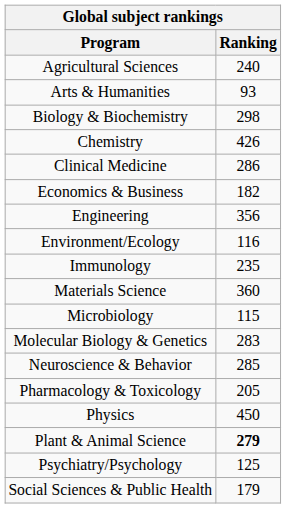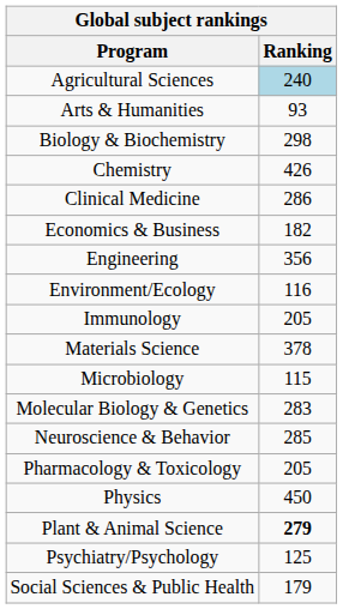 <table class="wikitable sortable collapsible collapsed" style="float:right; text-align:center">
 <tr>
 <th colspan=4>Global subject rankings</th>
 </tr>
 <tr>
 <th>Program</th>
 <th>Ranking</th>
 </tr>
 <tr>
 <td>Agricultural Sciences</td>
-<td>240</td>
+<td style="background: lightblue;">240</td>
 </tr>
 <tr>
 <td>Arts & Humanities</td>
 <td>93</td>
 </tr>
 <tr>
 <td>Biology & Biochemistry</td>
 <td>298</td>
 </tr>
 <tr>
 <td>Chemistry</td>
 <td>426</td>
 </tr>
 <tr>
 <td>Clinical Medicine</td>
 <td>286</td>
 </tr>
 <tr>
 <td>Economics & Business</td>
 <td>182</td>
 </tr>
 <tr>
 <td>Engineering</td>
 <td>356</td>
 </tr>
 <tr>
 <td>Environment/Ecology</td>
 <td>116</td>
 </tr>
 <tr>
 <td>Immunology</td>
-<td>235</td>
+<td>205</td>
 </tr>
 <tr>
 <td>Materials Science</td>
-<td>360</td>
+<td>378</td>
 </tr>
 <tr>
 <td>Microbiology</td>
 <td>115</td>
 </tr>
 <tr>
 <td>Molecular Biology & Genetics</td>
 <td>283</td>
 </tr>
 <tr>
 <td>Neuroscience & Behavior</td>
 <td>285</td>
 </tr>
 <tr>
 <td>Pharmacology & Toxicology</td>
 <td>205</td>
 </tr>
 <tr>
 <td>Physics</td>
 <td>450</td>
 </tr>
 <tr>
 <td>Plant & Animal Science</td>
 <td><strong>279</strong></td>
 </tr>
 <tr>
 <td>Psychiatry/Psychology</td>
 <td>125</td>
 </tr>
 <tr>
 <td>Social Sciences & Public Health</td>
 <td>179</td>
 </tr>
 </table>
